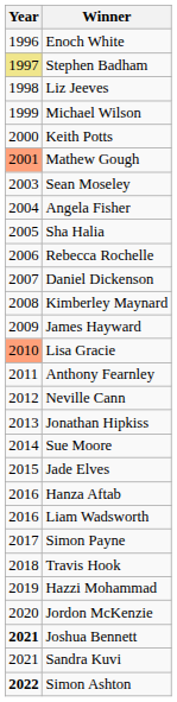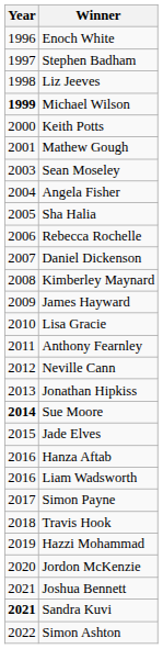 <table class="wikitable">
 <tr>
 <th>Year</th>
 <th>Winner</th>
 </tr>
 <tr>
 <td>1996</td>
 <td>Enoch White</td>
 </tr>
 <tr>
-<td style="background: khaki;">1997</td>
+<td>1997</td>
 <td>Stephen Badham</td>
 </tr>
 <tr>
 <td>1998</td>
 <td>Liz Jeeves</td>
 </tr>
 <tr>
-<td>1999</td>
+<td><strong>1999</strong></td>
 <td>Michael Wilson</td>
 </tr>
 <tr>
 <td>2000</td>
 <td>Keith Potts</td>
 </tr>
 <tr>
-<td style="background: lightsalmon;">2001</td>
+<td>2001</td>
 <td>Mathew Gough</td>
 </tr>
 <tr>
 <td>2003</td>
 <td>Sean Moseley</td>
 </tr>
 <tr>
 <td>2004</td>
 <td>Angela Fisher</td>
 </tr>
 <tr>
 <td>2005</td>
 <td>Sha Halia</td>
 </tr>
 <tr>
 <td>2006</td>
 <td>Rebecca Rochelle</td>
 </tr>
 <tr>
 <td>2007</td>
 <td>Daniel Dickenson</td>
 </tr>
 <tr>
 <td>2008</td>
 <td>Kimberley Maynard</td>
 </tr>
 <tr>
 <td>2009</td>
 <td>James Hayward</td>
 </tr>
 <tr>
-<td style="background: lightsalmon;">2010</td>
+<td>2010</td>
 <td>Lisa Gracie</td>
 </tr>
 <tr>
 <td>2011</td>
 <td>Anthony Fearnley</td>
 </tr>
 <tr>
 <td>2012</td>
 <td>Neville Cann</td>
 </tr>
 <tr>
 <td>2013</td>
 <td>Jonathan Hipkiss</td>
 </tr>
 <tr>
-<td>2014</td>
+<td><strong>2014</strong></td>
 <td>Sue Moore</td>
 </tr>
 <tr>
 <td>2015</td>
 <td>Jade Elves</td>
 </tr>
 <tr>
 <td>2016</td>
 <td>Hanza Aftab</td>
 </tr>
 <tr>
 <td>2016</td>
 <td>Liam Wadsworth</td>
 </tr>
 <tr>
 <td>2017</td>
 <td>Simon Payne</td>
 </tr>
 <tr>
 <td>2018</td>
 <td>Travis Hook</td>
 </tr>
 <tr>
 <td>2019</td>
 <td>Hazzi Mohammad</td>
 </tr>
 <tr>
 <td>2020</td>
 <td>Jordon McKenzie</td>
 </tr>
 <tr>
-<td><strong>2021</strong></td>
+<td>2021</td>
 <td>Joshua Bennett</td>
 </tr>
 <tr>
-<td>2021</td>
+<td><strong>2021</strong></td>
 <td>Sandra Kuvi</td>
 </tr>
 <tr>
-<td><strong>2022</strong></td>
+<td>2022</td>
 <td>Simon Ashton</td>
 </tr>
 </table>
